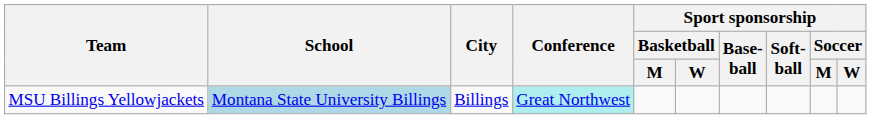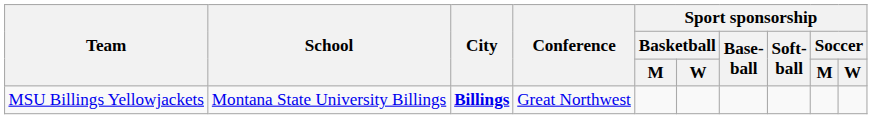 <table class="sortable wikitable">
 <tr>
 <th rowspan=3>Team</th>
 <th rowspan=3>School</th>
 <th rowspan=3>City</th>
 <th rowspan=3>Conference</th>
 <th colspan=6>Sport sponsorship</th>
 </tr>
 <tr>
 <th colspan=2>Basketball</th>
 <th rowspan=2>Base-<br>ball</th>
 <th rowspan=2>Soft-<br>ball</th>
 <th colspan=2>Soccer</th>
 </tr>
 <tr>
 <th>M</th>
 <th>W</th>
 <th>M</th>
 <th>W</th>
 </tr>
 <tr>
 <td><a href='#'>MSU Billings Yellowjackets</a></td>
-<td style="background: lightblue;"><a href='#'>Montana State University Billings</a></td>
-<td><a href='#'>Billings</a></td>
-<td style="background: paleturquoise;"><a href='#'>Great Northwest</a></td>
+<td><a href='#'>Montana State University Billings</a></td>
+<td><strong><a href='#'>Billings</a></strong></td>
+<td><a href='#'>Great Northwest</a></td>
 <td></td>
 <td></td>
 <td></td>
 <td></td>
 <td></td>
 <td></td>
 </tr>
 </table>
